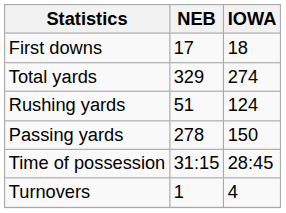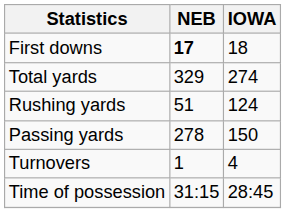 <table class="wikitable">
 <tr>
 <th>Statistics</th>
 <th>NEB</th>
 <th>IOWA</th>
 </tr>
 <tr>
 <td>First downs</td>
-<td>17</td>
+<td><strong>17</strong></td>
 <td>18</td>
 </tr>
 <tr>
 <td>Total yards</td>
 <td>329</td>
 <td>274</td>
 </tr>
 <tr>
 <td>Rushing yards</td>
 <td>51</td>
 <td>124</td>
 </tr>
 <tr>
 <td>Passing yards</td>
 <td>278</td>
 <td>150</td>
 </tr>
 <tr>
+<td>Turnovers</td>
+<td>1</td>
+<td>4</td>
+</tr>
+<tr>
 <td>Time of possession</td>
 <td>31:15</td>
 <td>28:45</td>
 </tr>
 <tr>
-<td>Turnovers</td>
-<td>1</td>
-<td>4</td>
-</tr>
-<tr>
 </tr>
 </table>
